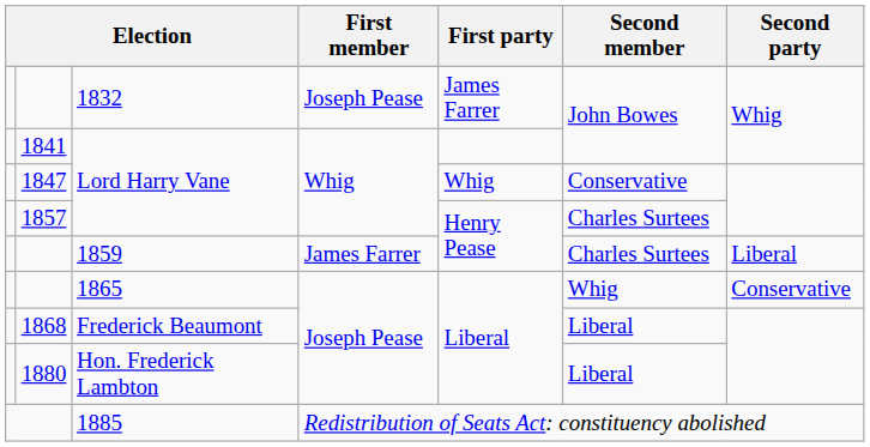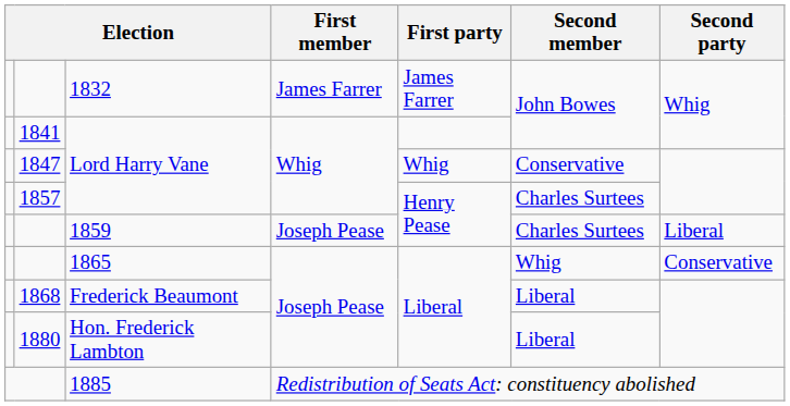 <table class="wikitable">
 <tr>
 <th colspan="3">Election</th>
 <th>First member</th>
 <th>First party</th>
 <th>Second member</th>
 <th>Second party</th>
 </tr>
 <tr>
 <td style="color:inherit;background-color: "></td>
 <td style="color:inherit;background-color: "></td>
 <td><a href='#'>1832</a></td>
-<td><a href='#'>Joseph Pease</a></td>
+<td><a href='#'>James Farrer</a></td>
 <td><a href='#'>James Farrer</a></td>
 <td rowspan="2"><a href='#'>John Bowes</a></td>
 <td rowspan="2"><a href='#'>Whig</a></td>
 </tr>
 <tr>
 <td style="color:inherit;background-color: "></td>
 <td><a href='#'>1841</a></td>
 <td rowspan="3"><a href='#'>Lord Harry Vane</a></td>
 <td rowspan="3"><a href='#'>Whig</a></td>
 </tr>
 <tr>
 <td style="color:inherit;background-color: "></td>
 <td><a href='#'>1847</a></td>
 <td><a href='#'>Whig</a></td>
 <td><a href='#'>Conservative</a></td>
 </tr>
 <tr>
 <td style="color:inherit;background-color: "></td>
 <td><a href='#'>1857</a></td>
 <td rowspan="2"><a href='#'>Henry Pease</a></td>
 <td><a href='#'>Charles Surtees</a></td>
 </tr>
 <tr>
 <td style="color:inherit;background-color: "></td>
 <td style="color:inherit;background-color: "></td>
 <td><a href='#'>1859</a></td>
-<td><a href='#'>James Farrer</a></td>
+<td><a href='#'>Joseph Pease</a></td>
 <td><a href='#'>Charles Surtees</a></td>
 <td><a href='#'>Liberal</a></td>
 </tr>
 <tr>
 <td style="color:inherit;background-color: "></td>
 <td style="color:inherit;background-color: "></td>
 <td><a href='#'>1865</a></td>
 <td rowspan="3"><a href='#'>Joseph Pease</a></td>
 <td rowspan="3"><a href='#'>Liberal</a></td>
 <td><a href='#'>Whig</a></td>
 <td><a href='#'>Conservative</a></td>
 </tr>
 <tr>
 <td style="color:inherit;background-color: "></td>
 <td><a href='#'>1868</a></td>
 <td><a href='#'>Frederick Beaumont</a></td>
 <td><a href='#'>Liberal</a></td>
 </tr>
 <tr>
 <td style="color:inherit;background-color: "></td>
 <td><a href='#'>1880</a></td>
 <td><a href='#'>Hon. Frederick Lambton</a></td>
 <td><a href='#'>Liberal</a></td>
 </tr>
 <tr>
 <td colspan="2"></td>
 <td><a href='#'>1885</a></td>
 <td colspan="4"><em><a href='#'>Redistribution of Seats Act</a>: constituency abolished</em></td>
 </tr>
 </table>
